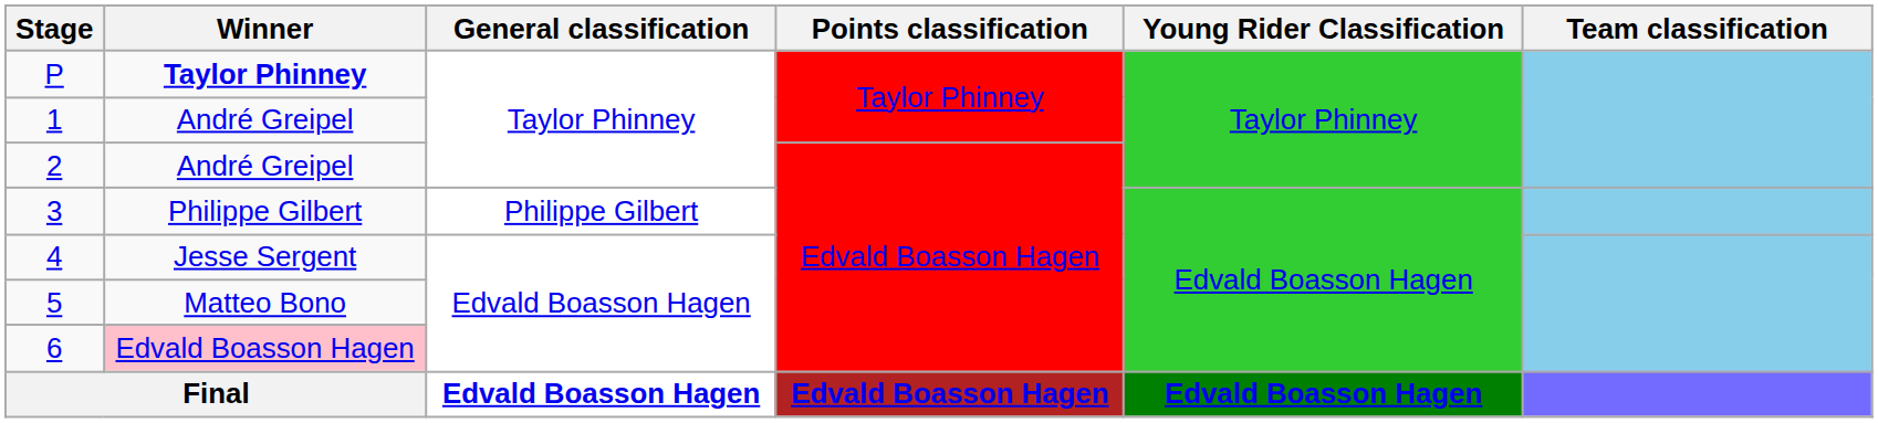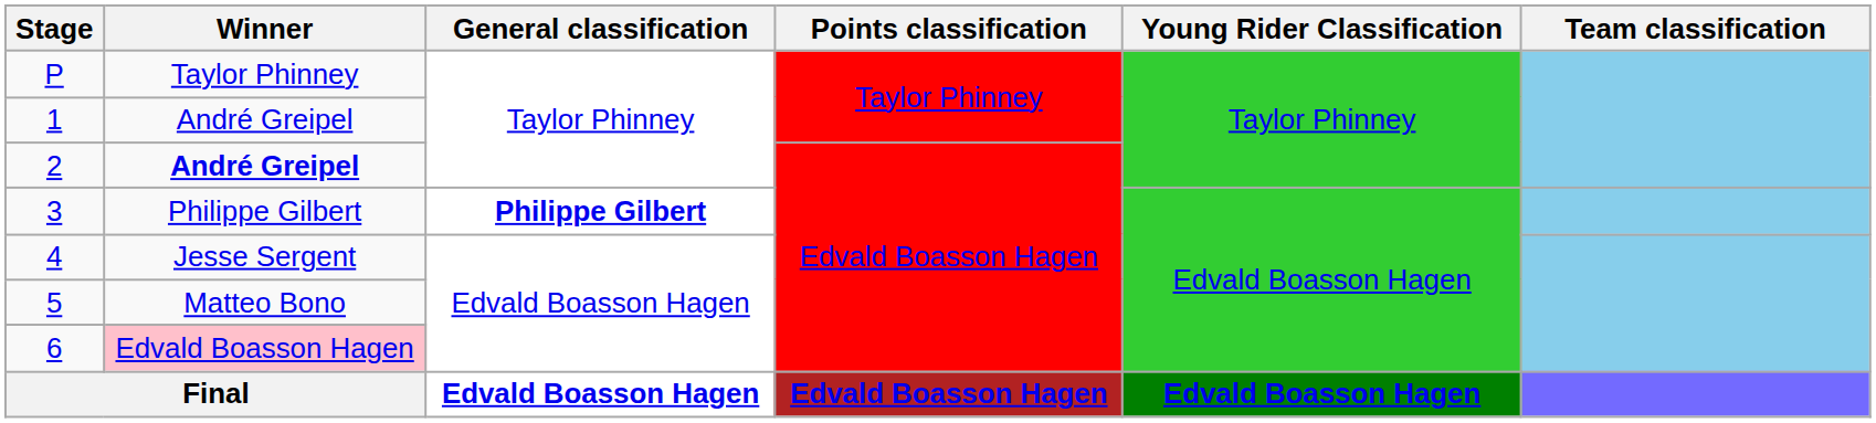 <table class="wikitable" style="text-align: center; font-size:smaller;">
 <tr style="background-color: #efefef;">
 <th width="1%">Stage</th>
 <th width="13%">Winner</th>
 <th width="14%">General classification<br></th>
 <th width="14%">Points classification<br></th>
 <th width="16%">Young Rider Classification<br></th>
 <th width="14%">Team classification<br></th>
 </tr>
 <tr>
 <td><a href='#'>P</a></td>
-<td><strong><a href='#'>Taylor Phinney</a></strong></td>
+<td><a href='#'>Taylor Phinney</a></td>
 <td style="background:white;" rowspan=3><a href='#'>Taylor Phinney</a></td>
 <td style="background:red;" rowspan=2><a href='#'>Taylor Phinney</a></td>
 <td style="background:#32CD32;" rowspan=3><a href='#'>Taylor Phinney</a></td>
 <td style="background:skyblue;" rowspan=3></td>
 </tr>
 <tr>
 <td><a href='#'>1</a></td>
 <td><a href='#'>André Greipel</a></td>
 </tr>
 <tr>
 <td><a href='#'>2</a></td>
-<td><a href='#'>André Greipel</a></td>
+<td><strong><a href='#'>André Greipel</a></strong></td>
 <td style="background:red;" rowspan=5><a href='#'>Edvald Boasson Hagen</a></td>
 </tr>
 <tr>
 <td><a href='#'>3</a></td>
 <td><a href='#'>Philippe Gilbert</a></td>
-<td style="background:white;"><a href='#'>Philippe Gilbert</a></td>
+<td style="background:white;"><strong><a href='#'>Philippe Gilbert</a></strong></td>
 <td style="background:#32CD32;" rowspan=4><a href='#'>Edvald Boasson Hagen</a></td>
 <td style="background:skyblue;"></td>
 </tr>
 <tr>
 <td><a href='#'>4</a></td>
 <td><a href='#'>Jesse Sergent</a></td>
 <td style="background:white;" rowspan=3><a href='#'>Edvald Boasson Hagen</a></td>
 <td style="background:skyblue;" rowspan=3></td>
 </tr>
 <tr>
 <td><a href='#'>5</a></td>
 <td><a href='#'>Matteo Bono</a></td>
 </tr>
 <tr>
 <td><a href='#'>6</a></td>
 <td style="background: pink;"><a href='#'>Edvald Boasson Hagen</a></td>
 </tr>
 <tr>
 <th colspan=2><strong>Final</strong></th>
 <th style="background:white;"><a href='#'>Edvald Boasson Hagen</a></th>
 <th style="background:#B22222;"><a href='#'>Edvald Boasson Hagen</a></th>
 <th style="background:green;"><a href='#'>Edvald Boasson Hagen</a></th>
 <th style="background:#736AFF;"></th>
 </tr>
 </table>
